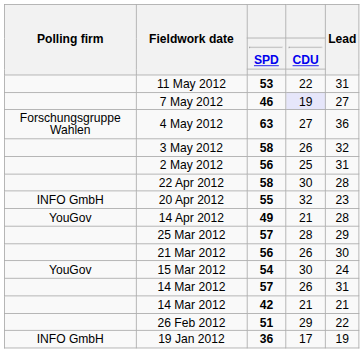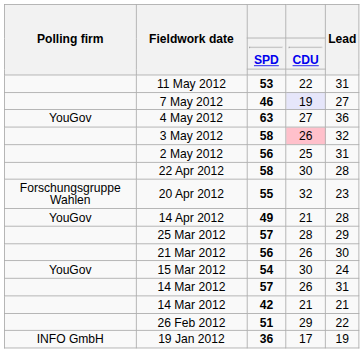 <table class="wikitable sortable" style="text-align:center;font-size:90%;line-height:14px;">
 <tr style="height:40px;">
 <th style="width:150px;" rowspan="3">Polling firm</th>
 <th style="width:125px;" rowspan="3">Fieldwork date</th>
 <th class="unsortable" style="width:40px;"></th>
 <th class="unsortable" style="width:40px;"></th>
 <th style="width:30px;" rowspan="3">Lead</th>
 </tr>
 <tr>
 <th class="unsortable" style="width:40px;"><hr><a href='#'>SPD</a></th>
 <th class="unsortable" style="width:40px;"><hr><a href='#'>CDU</a></th>
 </tr>
 <tr>
 <th style="background:"></th>
 <th style="background:"></th>
 </tr>
 <tr>
 <td></td>
 <td data-sort-value="2012-05-11">11 May 2012</td>
 <td><strong>53</strong></td>
 <td>22</td>
 <td style="background:">31</td>
 </tr>
 <tr>
 <td></td>
 <td data-sort-value="2012-05-07">7 May 2012</td>
 <td><strong>46</strong></td>
 <td style="background: lavender;">19</td>
 <td style="background:">27</td>
 </tr>
 <tr>
-<td>Forschungsgruppe Wahlen</td>
+<td>YouGov</td>
 <td data-sort-value="2012-05-04">4 May 2012</td>
 <td><strong>63</strong></td>
 <td>27</td>
 <td style="background:">36</td>
 </tr>
 <tr>
 <td></td>
 <td data-sort-value="2012-05-03">3 May 2012</td>
 <td><strong>58</strong></td>
-<td>26</td>
+<td style="background: pink;">26</td>
 <td style="background:">32</td>
 </tr>
 <tr>
 <td></td>
 <td data-sort-value="2012-05-02">2 May 2012</td>
 <td><strong>56</strong></td>
 <td>25</td>
 <td style="background:">31</td>
 </tr>
 <tr>
 <td></td>
 <td data-sort-value="2012-04-22">22 Apr 2012</td>
 <td><strong>58</strong></td>
 <td>30</td>
 <td style="background:">28</td>
 </tr>
 <tr>
-<td>INFO GmbH</td>
+<td>Forschungsgruppe Wahlen</td>
 <td data-sort-value="2012-04-20">20 Apr 2012</td>
 <td><strong>55</strong></td>
 <td>32</td>
 <td style="background:">23</td>
 </tr>
 <tr>
 <td>YouGov</td>
 <td data-sort-value="2012-04-14">14 Apr 2012</td>
 <td><strong>49</strong></td>
 <td>21</td>
 <td style="background:">28</td>
 </tr>
 <tr>
 <td></td>
 <td data-sort-value="2012-03-25">25 Mar 2012</td>
 <td><strong>57</strong></td>
 <td>28</td>
 <td style="background:">29</td>
 </tr>
 <tr>
 <td></td>
 <td data-sort-value="2012-03-21">21 Mar 2012</td>
 <td><strong>56</strong></td>
 <td>26</td>
 <td style="background:">30</td>
 </tr>
 <tr>
 <td>YouGov</td>
 <td data-sort-value="2012-03-15">15 Mar 2012</td>
 <td><strong>54</strong></td>
 <td>30</td>
 <td style="background:">24</td>
 </tr>
 <tr>
 <td></td>
 <td data-sort-value="2012-03-14">14 Mar 2012</td>
 <td><strong>57</strong></td>
 <td>26</td>
 <td style="background:">31</td>
 </tr>
 <tr>
 <td></td>
 <td data-sort-value="2012-03-14">14 Mar 2012</td>
 <td><strong>42</strong></td>
 <td>21</td>
 <td style="background:">21</td>
 </tr>
 <tr>
 <td></td>
 <td data-sort-value="2012-02-26">26 Feb 2012</td>
 <td><strong>51</strong></td>
 <td>29</td>
 <td style="background:">22</td>
 </tr>
 <tr>
 <td>INFO GmbH</td>
 <td data-sort-value="2012-01-19">19 Jan 2012</td>
 <td><strong>36</strong></td>
 <td>17</td>
 <td style="background:">19</td>
 </tr>
 </table>
